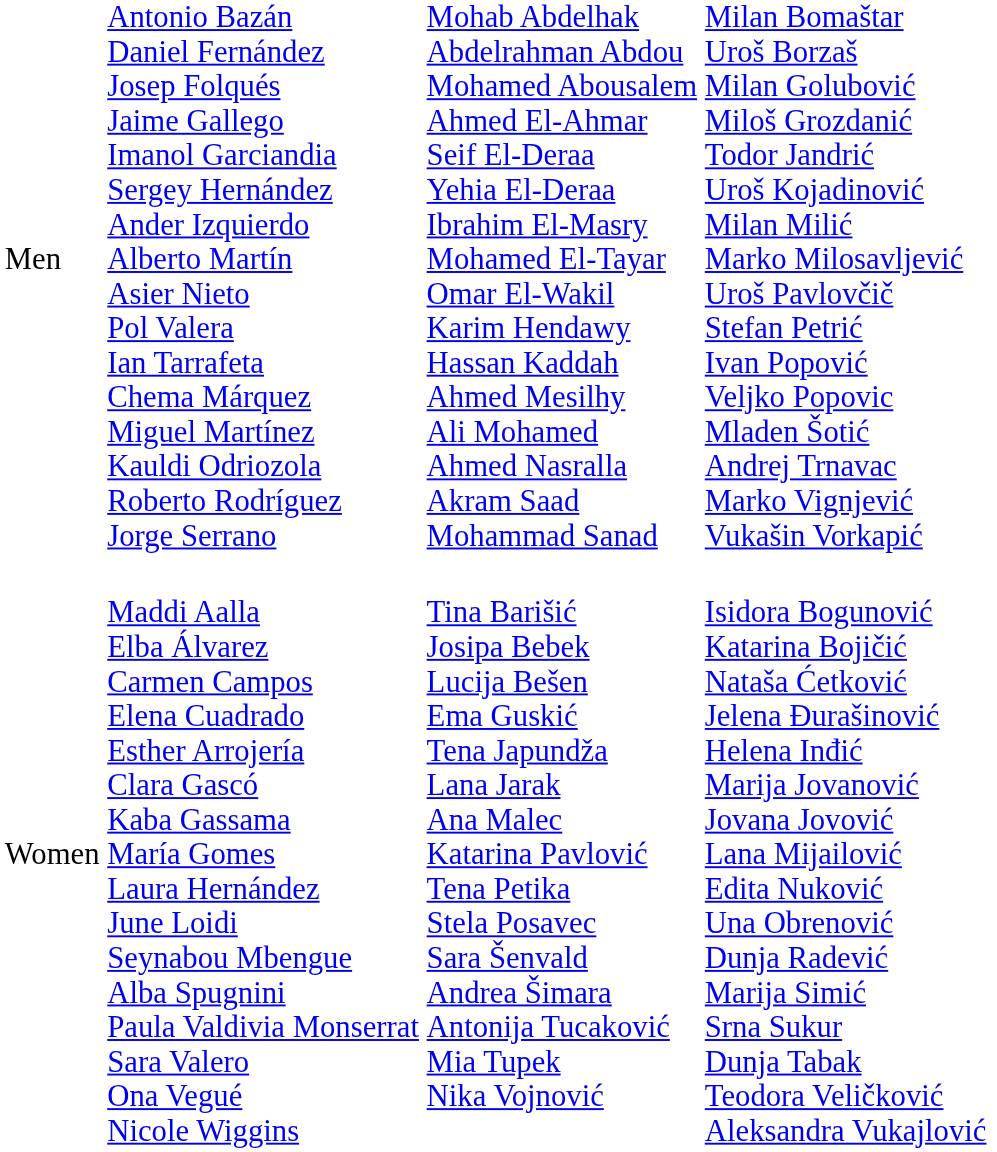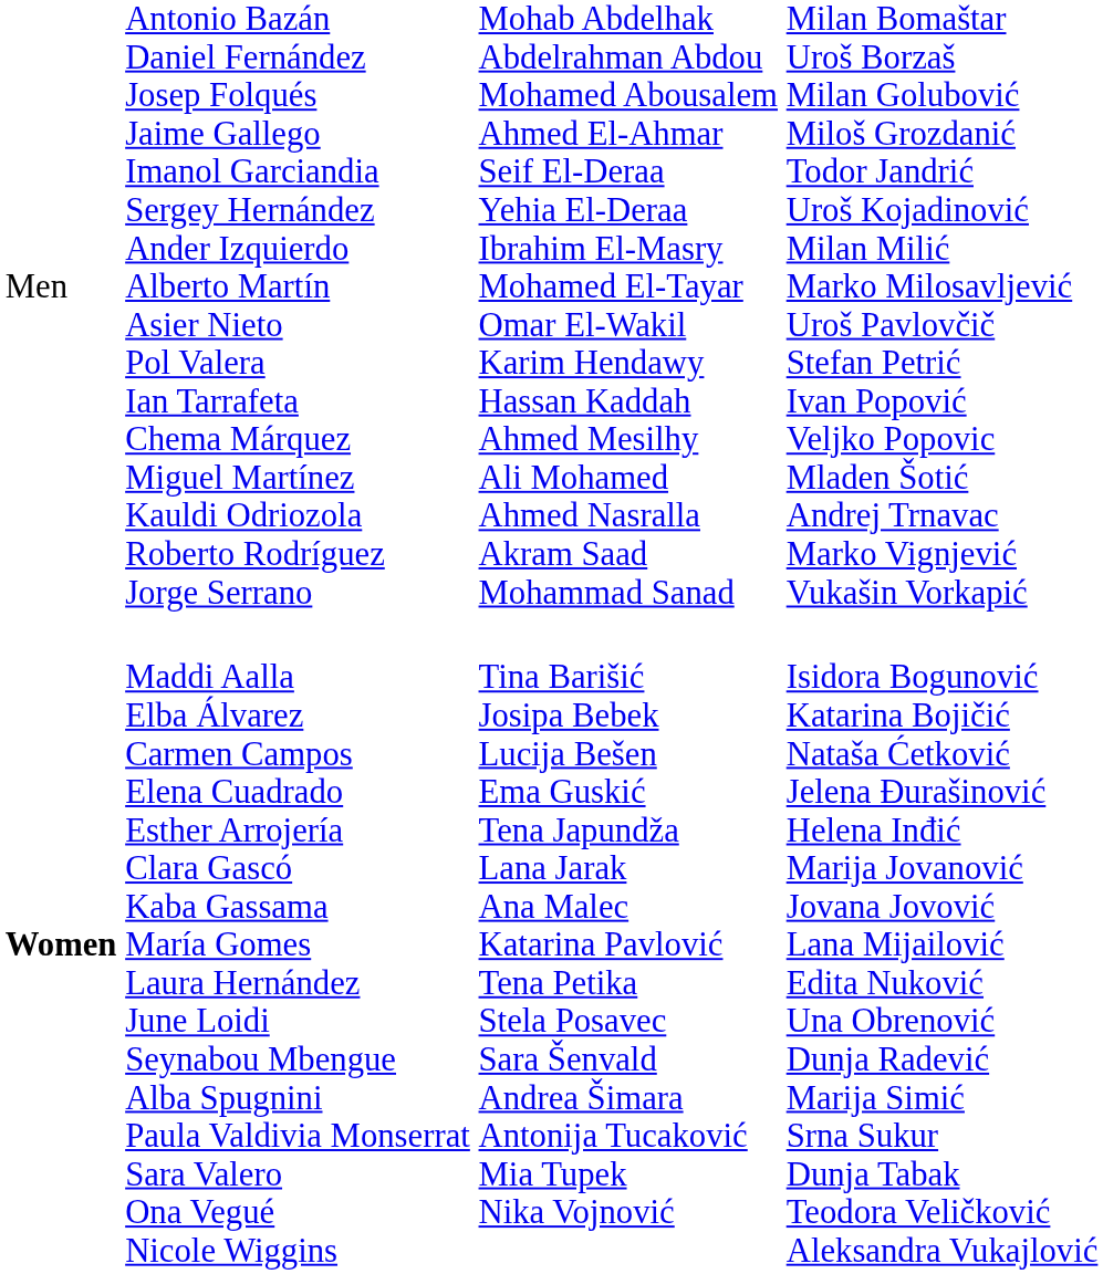 <table>
 <tr>
 <td>Men<br></td>
 <td><br><a href='#'>Antonio Bazán</a><br><a href='#'>Daniel Fernández</a><br><a href='#'>Josep Folqués</a><br><a href='#'>Jaime Gallego</a><br><a href='#'>Imanol Garciandia</a><br><a href='#'>Sergey Hernández</a><br><a href='#'>Ander Izquierdo</a><br><a href='#'>Alberto Martín</a><br><a href='#'>Asier Nieto</a><br><a href='#'>Pol Valera</a><br><a href='#'>Ian Tarrafeta</a><br><a href='#'>Chema Márquez</a><br><a href='#'>Miguel Martínez</a><br><a href='#'>Kauldi Odriozola</a><br><a href='#'>Roberto Rodríguez</a><br><a href='#'>Jorge Serrano</a><br></td>
 <td><br><a href='#'>Mohab Abdelhak</a><br><a href='#'>Abdelrahman Abdou</a><br><a href='#'>Mohamed Abousalem</a><br><a href='#'>Ahmed El-Ahmar</a><br><a href='#'>Seif El-Deraa</a><br><a href='#'>Yehia El-Deraa</a><br><a href='#'>Ibrahim El-Masry</a><br><a href='#'>Mohamed El-Tayar</a><br><a href='#'>Omar El-Wakil</a><br><a href='#'>Karim Hendawy</a><br><a href='#'>Hassan Kaddah</a><br><a href='#'>Ahmed Mesilhy</a><br><a href='#'>Ali Mohamed</a><br><a href='#'>Ahmed Nasralla</a><br><a href='#'>Akram Saad</a><br><a href='#'>Mohammad Sanad</a></td>
 <td><br><a href='#'>Milan Bomaštar</a><br><a href='#'>Uroš Borzaš</a><br><a href='#'>Milan Golubović</a><br><a href='#'>Miloš Grozdanić</a><br><a href='#'>Todor Jandrić</a><br><a href='#'>Uroš Kojadinović</a><br><a href='#'>Milan Milić</a><br><a href='#'>Marko Milosavljević</a><br><a href='#'>Uroš Pavlovčič</a><br><a href='#'>Stefan Petrić</a><br><a href='#'>Ivan Popović</a><br><a href='#'>Veljko Popovic</a><br><a href='#'>Mladen Šotić</a><br><a href='#'>Andrej Trnavac</a><br><a href='#'>Marko Vignjević</a><br><a href='#'>Vukašin Vorkapić</a></td>
 </tr>
 <tr>
-<td>Women<br></td>
+<td><strong>Women<br></strong></td>
 <td valign=top><br><a href='#'>Maddi Aalla</a><br><a href='#'>Elba Álvarez</a><br><a href='#'>Carmen Campos</a><br><a href='#'>Elena Cuadrado</a><br><a href='#'>Esther Arrojería</a><br><a href='#'>Clara Gascó</a><br><a href='#'>Kaba Gassama</a><br><a href='#'>María Gomes</a><br><a href='#'>Laura Hernández</a><br><a href='#'>June Loidi</a><br><a href='#'>Seynabou Mbengue</a><br><a href='#'>Alba Spugnini</a><br><a href='#'>Paula Valdivia Monserrat</a><br><a href='#'>Sara Valero</a><br><a href='#'>Ona Vegué</a><br><a href='#'>Nicole Wiggins</a></td>
 <td valign=top><br><a href='#'>Tina Barišić</a><br><a href='#'>Josipa Bebek</a><br><a href='#'>Lucija Bešen</a><br><a href='#'>Ema Guskić</a><br><a href='#'>Tena Japundža</a><br><a href='#'>Lana Jarak</a><br><a href='#'>Ana Malec</a><br><a href='#'>Katarina Pavlović</a><br><a href='#'>Tena Petika</a><br><a href='#'>Stela Posavec</a><br><a href='#'>Sara Šenvald</a><br><a href='#'>Andrea Šimara</a><br><a href='#'>Antonija Tucaković</a><br><a href='#'>Mia Tupek</a><br><a href='#'>Nika Vojnović</a></td>
 <td valign=top><br><a href='#'>Isidora Bogunović</a><br><a href='#'>Katarina Bojičić</a><br><a href='#'>Nataša Ćetković</a><br><a href='#'>Jelena Đurašinović</a><br><a href='#'>Helena Inđić</a><br><a href='#'>Marija Jovanović</a><br><a href='#'>Jovana Jovović</a><br><a href='#'>Lana Mijailović</a><br><a href='#'>Edita Nuković</a><br><a href='#'>Una Obrenović</a><br><a href='#'>Dunja Radević</a><br><a href='#'>Marija Simić</a><br><a href='#'>Srna Sukur</a><br><a href='#'>Dunja Tabak</a><br><a href='#'>Teodora Veličković</a><br><a href='#'>Aleksandra Vukajlović</a></td>
 </tr>
 </table>
